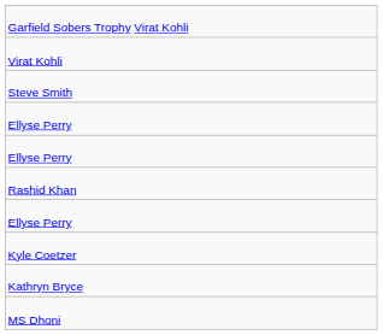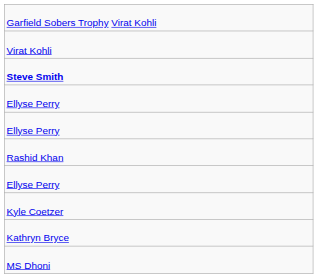 <table class="wikitable plainrowheaders">
 <tr>
 <td valign="top" width="50%"><br> <a href='#'>Garfield Sobers Trophy</a>  <a href='#'>Virat Kohli</a></td>
 </tr>
 <tr>
 <td valign="top" width="50%"><br>  <a href='#'>Virat Kohli</a></td>
 </tr>
 <tr>
-<td valign="top" width="50%"><br>  <a href='#'>Steve Smith</a></td>
+<td valign="top" width="50%"><strong><br>  <a href='#'>Steve Smith</a></strong></td>
 </tr>
 <tr>
 <td valign="top" width="50%"><br>  <a href='#'>Ellyse Perry</a></td>
 </tr>
 <tr>
 <td valign="top" width="50%"><br>  <a href='#'>Ellyse Perry</a></td>
 </tr>
 <tr>
 <td valign="top" width="50%"><br>  <a href='#'>Rashid Khan</a></td>
 </tr>
 <tr>
 <td valign="top" width="50%"><br>  <a href='#'>Ellyse Perry</a></td>
 </tr>
 <tr>
 <td valign="top" width="50%"><br>  <a href='#'>Kyle Coetzer</a></td>
 </tr>
 <tr>
 <td valign="top" width="50%"><br>  <a href='#'>Kathryn Bryce</a></td>
 </tr>
 <tr>
 <td valign="top" width="50%"><br>  <a href='#'>MS Dhoni</a></td>
 </tr>
 </table>
